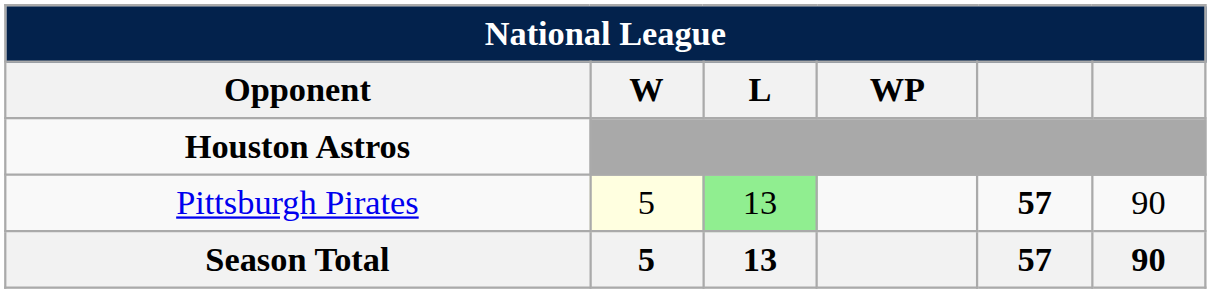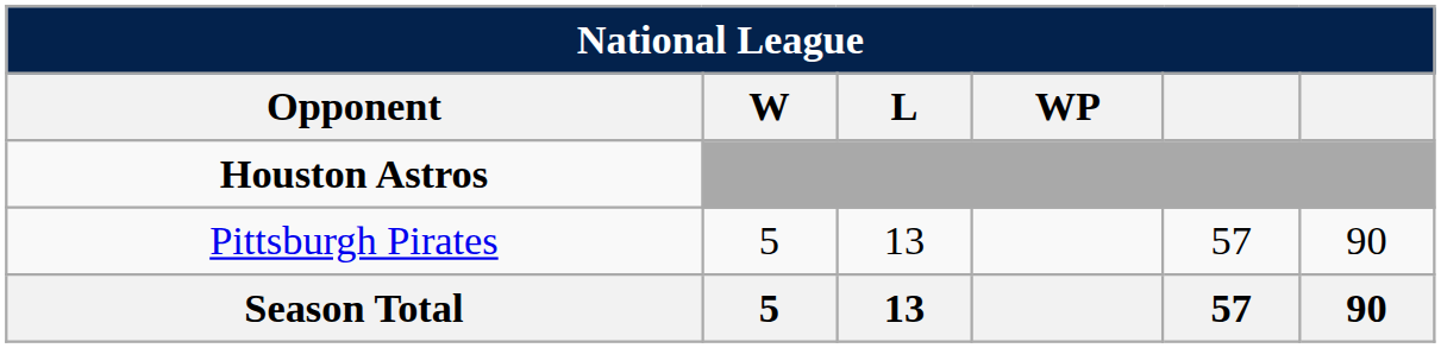 <table class="wikitable" style="margin:1em auto; font-size:95%; text-align:center; width:35em;">
 <tr>
 <th colspan="7" style="background:#03224c; color:#ffffff;">National League</th>
 </tr>
 <tr>
 <th>Opponent</th>
 <th>W</th>
 <th>L</th>
 <th>WP</th>
 <th></th>
 <th></th>
 </tr>
 <tr>
 <td><span><strong>Houston Astros</strong></span></td>
 <td colspan=5 style="background:darkgray;"></td>
 </tr>
 <tr>
 <td><a href='#'><span>Pittsburgh Pirates</span></a></td>
-<td style="background: lightyellow;">5</td>
-<td style="background: lightgreen;">13</td>
+<td>5</td>
+<td>13</td>
 <td></td>
-<td><strong>57</strong></td>
+<td>57</td>
 <td>90</td>
 </tr>
 <tr>
 <th>Season Total</th>
 <th>5</th>
 <th>13</th>
 <th></th>
 <th>57</th>
 <th>90</th>
 </tr>
 </table>
